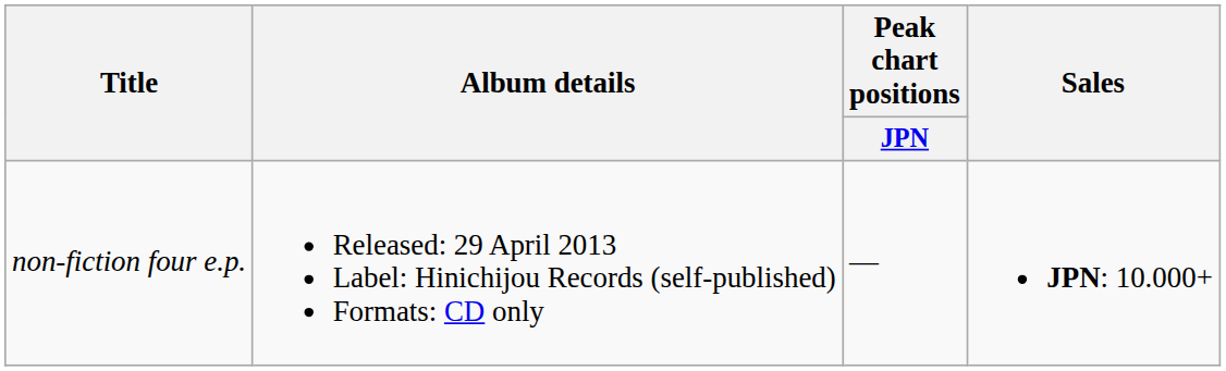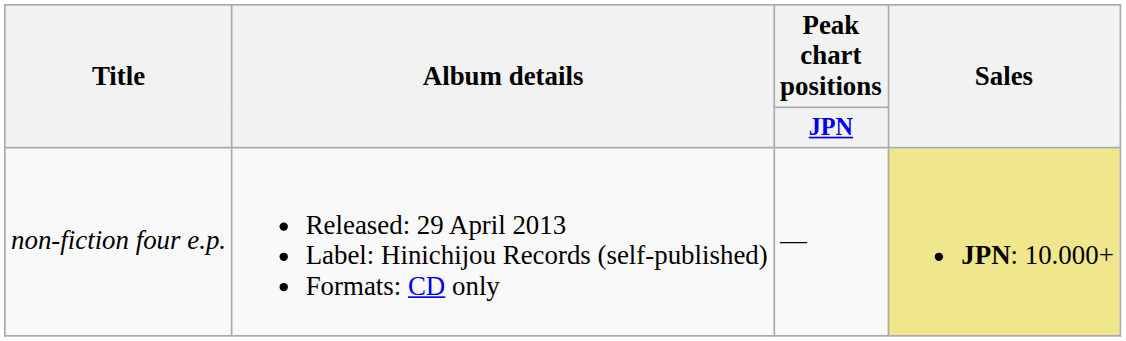 <table class="wikitable plainrowheaders">
 <tr>
 <th rowspan="2" scope="col">Title</th>
 <th rowspan="2" scope="col">Album details</th>
 <th scope="col">Peak chart positions</th>
 <th rowspan="2">Sales</th>
 </tr>
 <tr>
 <th scope="col" style="width:2.5em;font-size:90%;"><a href='#'>JPN</a><br></th>
 </tr>
 <tr>
 <td><em>non-fiction four e.p.</em></td>
 <td><br><ul><li>Released: 29 April 2013</li><li>Label: Hinichijou Records (self-published)</li><li>Formats: <a href='#'>CD</a> only</li></ul></td>
 <td>—</td>
-<td><br><ul><li><strong>JPN</strong>: 10.000+</li></ul></td>
+<td style="background: khaki;"><br><ul><li><strong>JPN</strong>: 10.000+</li></ul></td>
 </tr>
 </table>
